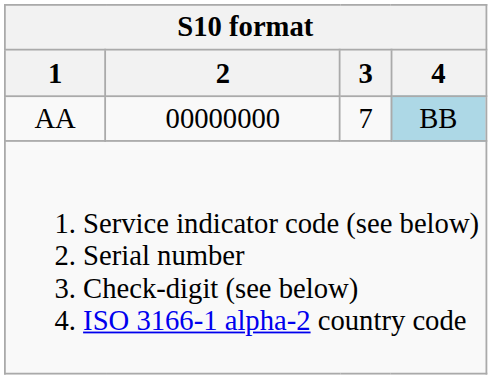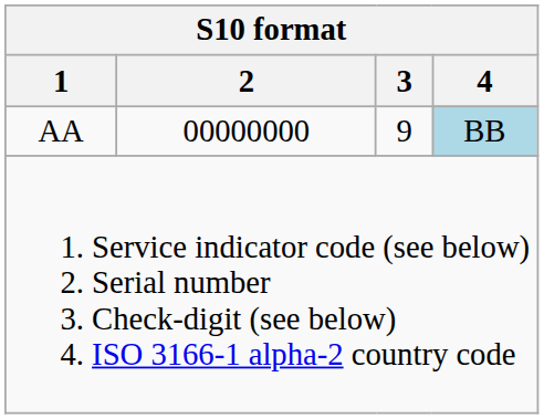 <table class="wikitable">
 <tr>
 <th colspan="4">S10 format</th>
 </tr>
 <tr>
 <th>1</th>
 <th>2</th>
 <th>3</th>
 <th>4</th>
 </tr>
 <tr>
 <td align="center">AA</td>
 <td align="center">00000000</td>
-<td align="center">7</td>
+<td align="center">9</td>
 <td align="center" style="background: lightblue;">BB</td>
 </tr>
 <tr>
 <td colspan="4"><br><ol><li>Service indicator code (see below)</li><li>Serial number</li><li>Check-digit (see below)</li><li><a href='#'>ISO 3166-1 alpha-2</a> country code</li></ol></td>
 </tr>
 </table>
